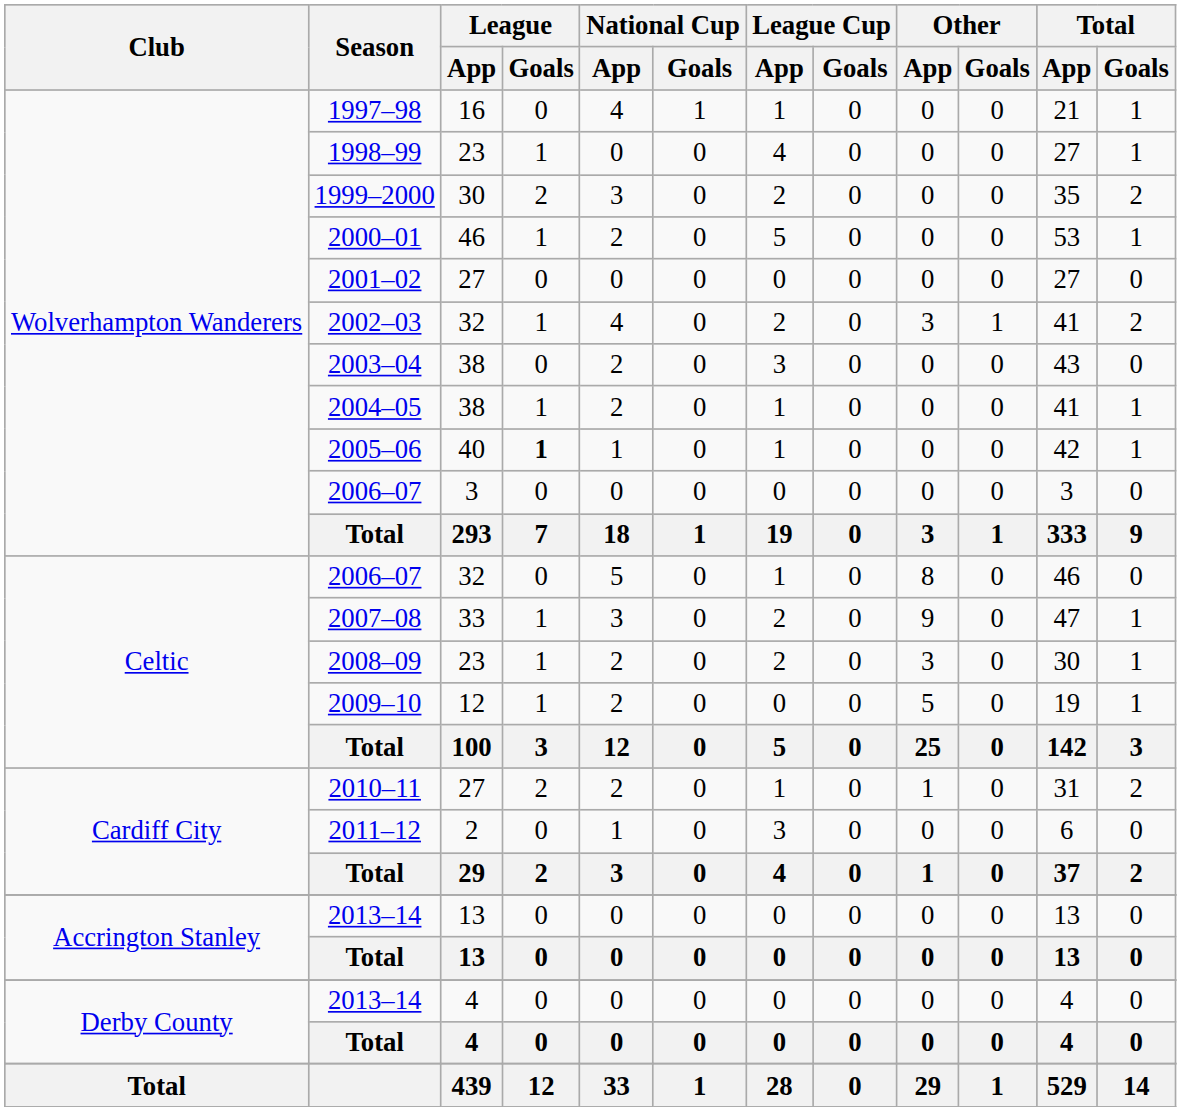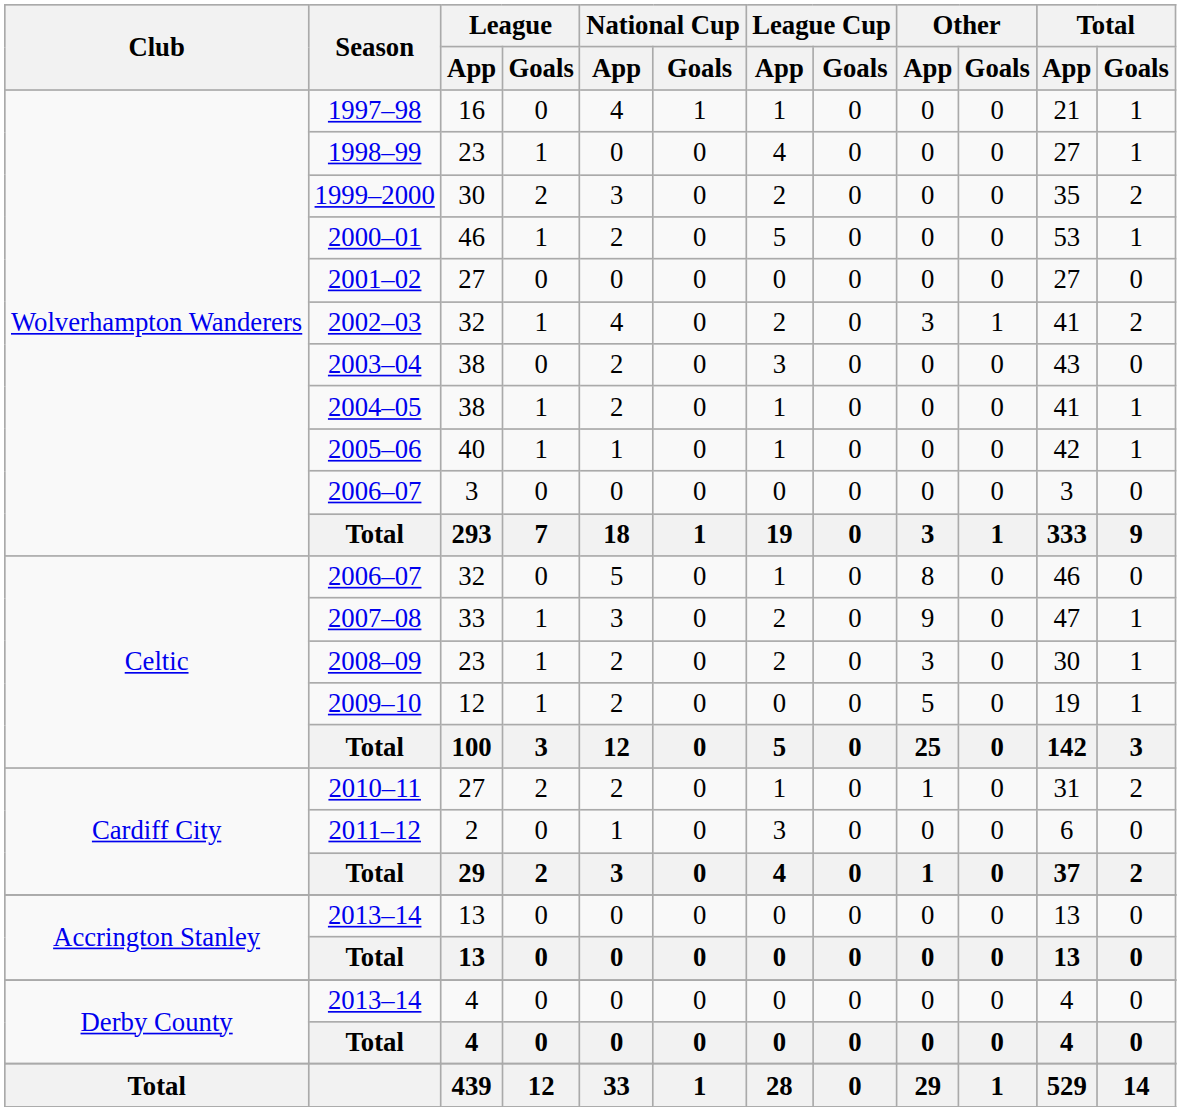 <table class="wikitable">
 <tr>
 <th rowspan=2>Club</th>
 <th rowspan=2>Season</th>
 <th colspan=2>League</th>
 <th colspan=2>National Cup</th>
 <th colspan=2>League Cup</th>
 <th colspan=2>Other</th>
 <th colspan=2>Total</th>
 </tr>
 <tr>
 <th>App</th>
 <th>Goals</th>
 <th>App</th>
 <th>Goals</th>
 <th>App</th>
 <th>Goals</th>
 <th>App</th>
 <th>Goals</th>
 <th>App</th>
 <th>Goals</th>
 </tr>
 <tr align=center>
 <td rowspan=11><a href='#'>Wolverhampton Wanderers</a></td>
 <td><a href='#'>1997–98</a></td>
 <td>16</td>
 <td>0</td>
 <td>4</td>
 <td>1</td>
 <td>1</td>
 <td>0</td>
 <td>0</td>
 <td>0</td>
 <td>21</td>
 <td>1</td>
 </tr>
 <tr align=center>
 <td><a href='#'>1998–99</a></td>
 <td>23</td>
 <td>1</td>
 <td>0</td>
 <td>0</td>
 <td>4</td>
 <td>0</td>
 <td>0</td>
 <td>0</td>
 <td>27</td>
 <td>1</td>
 </tr>
 <tr align=center>
 <td><a href='#'>1999–2000</a></td>
 <td>30</td>
 <td>2</td>
 <td>3</td>
 <td>0</td>
 <td>2</td>
 <td>0</td>
 <td>0</td>
 <td>0</td>
 <td>35</td>
 <td>2</td>
 </tr>
 <tr align=center>
 <td><a href='#'>2000–01</a></td>
 <td>46</td>
 <td>1</td>
 <td>2</td>
 <td>0</td>
 <td>5</td>
 <td>0</td>
 <td>0</td>
 <td>0</td>
 <td>53</td>
 <td>1</td>
 </tr>
 <tr align=center>
 <td><a href='#'>2001–02</a></td>
 <td>27</td>
 <td>0</td>
 <td>0</td>
 <td>0</td>
 <td>0</td>
 <td>0</td>
 <td>0</td>
 <td>0</td>
 <td>27</td>
 <td>0</td>
 </tr>
 <tr align=center>
 <td><a href='#'>2002–03</a></td>
 <td>32</td>
 <td>1</td>
 <td>4</td>
 <td>0</td>
 <td>2</td>
 <td>0</td>
 <td>3</td>
 <td>1</td>
 <td>41</td>
 <td>2</td>
 </tr>
 <tr align=center>
 <td><a href='#'>2003–04</a></td>
 <td>38</td>
 <td>0</td>
 <td>2</td>
 <td>0</td>
 <td>3</td>
 <td>0</td>
 <td>0</td>
 <td>0</td>
 <td>43</td>
 <td>0</td>
 </tr>
 <tr align=center>
 <td><a href='#'>2004–05</a></td>
 <td>38</td>
 <td>1</td>
 <td>2</td>
 <td>0</td>
 <td>1</td>
 <td>0</td>
 <td>0</td>
 <td>0</td>
 <td>41</td>
 <td>1</td>
 </tr>
 <tr align=center>
 <td><a href='#'>2005–06</a></td>
 <td>40</td>
-<td><strong>1</strong></td>
+<td>1</td>
 <td>1</td>
 <td>0</td>
 <td>1</td>
 <td>0</td>
 <td>0</td>
 <td>0</td>
 <td>42</td>
 <td>1</td>
 </tr>
 <tr align=center>
 <td><a href='#'>2006–07</a></td>
 <td>3</td>
 <td>0</td>
 <td>0</td>
 <td>0</td>
 <td>0</td>
 <td>0</td>
 <td>0</td>
 <td>0</td>
 <td>3</td>
 <td>0</td>
 </tr>
 <tr>
 <th>Total</th>
 <th>293</th>
 <th>7</th>
 <th>18</th>
 <th>1</th>
 <th>19</th>
 <th>0</th>
 <th>3</th>
 <th>1</th>
 <th>333</th>
 <th>9</th>
 </tr>
 <tr align=center>
 <td rowspan=5><a href='#'>Celtic</a></td>
 <td><a href='#'>2006–07</a></td>
 <td>32</td>
 <td>0</td>
 <td>5</td>
 <td>0</td>
 <td>1</td>
 <td>0</td>
 <td>8</td>
 <td>0</td>
 <td>46</td>
 <td>0</td>
 </tr>
 <tr align=center>
 <td><a href='#'>2007–08</a></td>
 <td>33</td>
 <td>1</td>
 <td>3</td>
 <td>0</td>
 <td>2</td>
 <td>0</td>
 <td>9</td>
 <td>0</td>
 <td>47</td>
 <td>1</td>
 </tr>
 <tr align=center>
 <td><a href='#'>2008–09</a></td>
 <td>23</td>
 <td>1</td>
 <td>2</td>
 <td>0</td>
 <td>2</td>
 <td>0</td>
 <td>3</td>
 <td>0</td>
 <td>30</td>
 <td>1</td>
 </tr>
 <tr align=center>
 <td><a href='#'>2009–10</a></td>
 <td>12</td>
 <td>1</td>
 <td>2</td>
 <td>0</td>
 <td>0</td>
 <td>0</td>
 <td>5</td>
 <td>0</td>
 <td>19</td>
 <td>1</td>
 </tr>
 <tr>
 <th>Total</th>
 <th>100</th>
 <th>3</th>
 <th>12</th>
 <th>0</th>
 <th>5</th>
 <th>0</th>
 <th>25</th>
 <th>0</th>
 <th>142</th>
 <th>3</th>
 </tr>
 <tr align=center>
 <td rowspan=3><a href='#'>Cardiff City</a></td>
 <td><a href='#'>2010–11</a></td>
 <td>27</td>
 <td>2</td>
 <td>2</td>
 <td>0</td>
 <td>1</td>
 <td>0</td>
 <td>1</td>
 <td>0</td>
 <td>31</td>
 <td>2</td>
 </tr>
 <tr align=center>
 <td><a href='#'>2011–12</a></td>
 <td>2</td>
 <td>0</td>
 <td>1</td>
 <td>0</td>
 <td>3</td>
 <td>0</td>
 <td>0</td>
 <td>0</td>
 <td>6</td>
 <td>0</td>
 </tr>
 <tr>
 <th>Total</th>
 <th>29</th>
 <th>2</th>
 <th>3</th>
 <th>0</th>
 <th>4</th>
 <th>0</th>
 <th>1</th>
 <th>0</th>
 <th>37</th>
 <th>2</th>
 </tr>
 <tr>
 </tr>
 <tr align=center>
 <td rowspan=2><a href='#'>Accrington Stanley</a></td>
 <td><a href='#'>2013–14</a></td>
 <td>13</td>
 <td>0</td>
 <td>0</td>
 <td>0</td>
 <td>0</td>
 <td>0</td>
 <td>0</td>
 <td>0</td>
 <td>13</td>
 <td>0</td>
 </tr>
 <tr>
 <th>Total</th>
 <th>13</th>
 <th>0</th>
 <th>0</th>
 <th>0</th>
 <th>0</th>
 <th>0</th>
 <th>0</th>
 <th>0</th>
 <th>13</th>
 <th>0</th>
 </tr>
 <tr>
 </tr>
 <tr align=center>
 <td rowspan=2><a href='#'>Derby County</a></td>
 <td><a href='#'>2013–14</a></td>
 <td>4</td>
 <td>0</td>
 <td>0</td>
 <td>0</td>
 <td>0</td>
 <td>0</td>
 <td>0</td>
 <td>0</td>
 <td>4</td>
 <td>0</td>
 </tr>
 <tr>
 <th>Total</th>
 <th>4</th>
 <th>0</th>
 <th>0</th>
 <th>0</th>
 <th>0</th>
 <th>0</th>
 <th>0</th>
 <th>0</th>
 <th>4</th>
 <th>0</th>
 </tr>
 <tr>
 </tr>
 <tr align=center>
 <th>Total</th>
 <th></th>
 <th>439</th>
 <th>12</th>
 <th>33</th>
 <th>1</th>
 <th>28</th>
 <th>0</th>
 <th>29</th>
 <th>1</th>
 <th>529</th>
 <th>14</th>
 </tr>
 <tr>
 </tr>
 </table>
